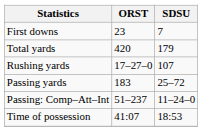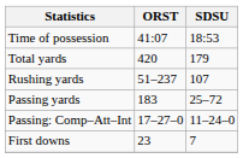 <table class="wikitable" style="float: left;">
 <tr>
 <th>Statistics</th>
 <th>ORST</th>
 <th>SDSU</th>
 </tr>
 <tr>
-<td>First downs</td>
-<td>23</td>
-<td>7</td>
+<td>Time of possession</td>
+<td>41:07</td>
+<td>18:53</td>
 </tr>
 <tr>
 <td>Total yards</td>
 <td>420</td>
 <td>179</td>
 </tr>
 <tr>
 <td>Rushing yards</td>
-<td>17–27–0</td>
+<td>51–237</td>
 <td>107</td>
 </tr>
 <tr>
 <td>Passing yards</td>
 <td>183</td>
 <td>25–72</td>
 </tr>
 <tr>
 <td>Passing: Comp–Att–Int</td>
-<td>51–237</td>
+<td>17–27–0</td>
 <td>11–24–0</td>
 </tr>
 <tr>
-<td>Time of possession</td>
-<td>41:07</td>
-<td>18:53</td>
+<td>First downs</td>
+<td>23</td>
+<td>7</td>
 </tr>
 <tr>
 </tr>
 </table>
